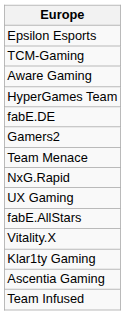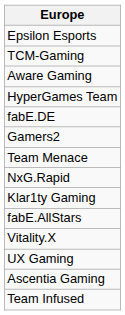 <table class="wikitable" style="display: inline-table; margin-left: 20px;">
 <tr>
 <th>Europe</th>
 </tr>
 <tr>
 <td>Epsilon Esports</td>
 </tr>
 <tr>
 <td>TCM-Gaming</td>
 </tr>
 <tr>
 <td>Aware Gaming</td>
 </tr>
 <tr>
 <td>HyperGames Team</td>
 </tr>
 <tr>
 <td>fabE.DE</td>
 </tr>
 <tr>
 <td>Gamers2</td>
 </tr>
 <tr>
 <td>Team Menace</td>
 </tr>
 <tr>
 <td>NxG.Rapid</td>
 </tr>
 <tr>
-<td>UX Gaming</td>
+<td>Klar1ty Gaming</td>
 </tr>
 <tr>
 <td>fabE.AllStars</td>
 </tr>
 <tr>
 <td>Vitality.X</td>
 </tr>
 <tr>
-<td>Klar1ty Gaming</td>
+<td>UX Gaming</td>
 </tr>
 <tr>
 <td>Ascentia Gaming</td>
 </tr>
 <tr>
 <td>Team Infused</td>
 </tr>
 </table>
